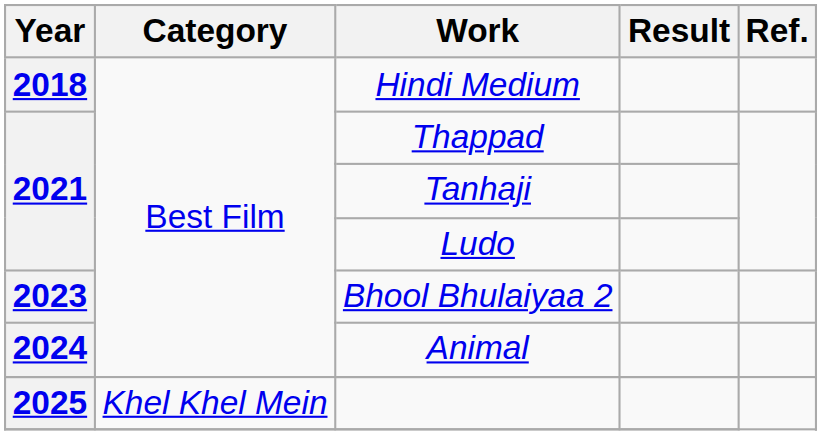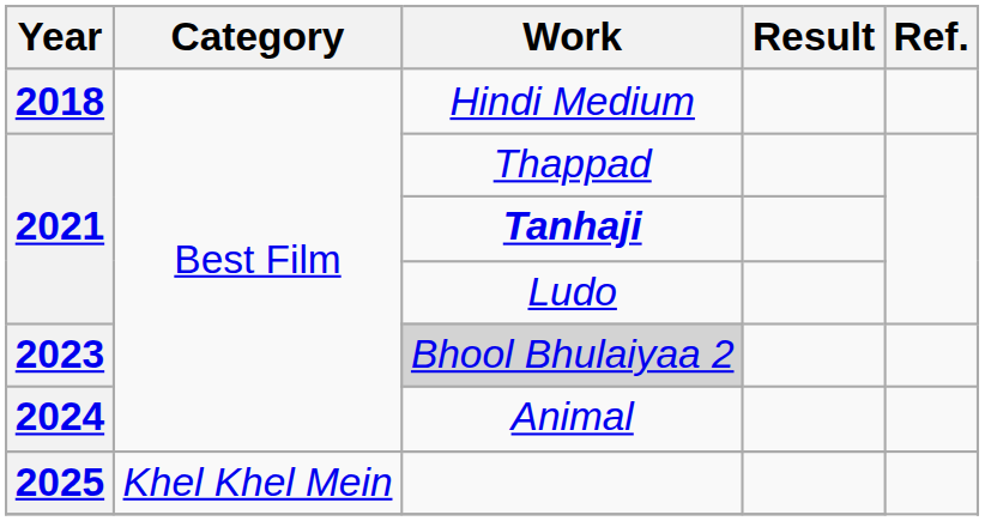 <table class="wikitable" style="text-align:center;">
 <tr>
 <th>Year</th>
 <th>Category</th>
 <th>Work</th>
 <th>Result</th>
 <th>Ref.</th>
 </tr>
 <tr>
 <th><a href='#'>2018</a></th>
 <td rowspan="7"><a href='#'>Best Film</a></td>
 <td><em><a href='#'>Hindi Medium</a></em></td>
 <td></td>
 <td></td>
 </tr>
 <tr>
 <th rowspan=3><a href='#'>2021</a></th>
 <td><em><a href='#'>Thappad</a></em></td>
 <td></td>
 <td rowspan=3></td>
 </tr>
 <tr>
-<td><em><a href='#'>Tanhaji</a></em></td>
+<td><strong><em><a href='#'>Tanhaji</a></em></strong></td>
 <td></td>
 </tr>
 <tr>
 <td><em><a href='#'>Ludo</a></em></td>
 <td></td>
 </tr>
 <tr>
 <th rowspan=1><a href='#'>2023</a></th>
-<td><em><a href='#'>Bhool Bhulaiyaa 2</a></em></td>
+<td style="background: lightgrey;"><em><a href='#'>Bhool Bhulaiyaa 2</a></em></td>
 <td></td>
 <td></td>
 </tr>
 <tr>
 <th rowspan=1><a href='#'>2024</a></th>
 <td><em><a href='#'>Animal</a></em></td>
 <td></td>
 <td></td>
 </tr>
 <tr>
 </tr>
 <tr>
 <th rowspan=1><a href='#'>2025</a></th>
 <td><em><a href='#'>Khel Khel Mein</a></em></td>
 <td></td>
 <td></td>
 </tr>
 <tr>
 </tr>
 </table>
